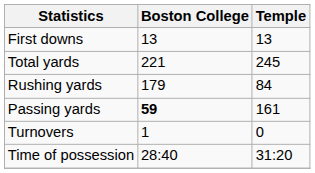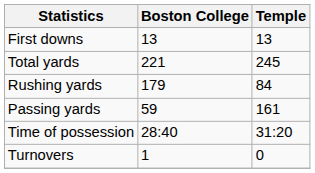 <table class="wikitable">
 <tr>
 <th>Statistics</th>
 <th>Boston College</th>
 <th>Temple</th>
 </tr>
 <tr>
 <td>First downs</td>
 <td>13</td>
 <td>13</td>
 </tr>
 <tr>
 <td>Total yards</td>
 <td>221</td>
 <td>245</td>
 </tr>
 <tr>
 <td>Rushing yards</td>
 <td>179</td>
 <td>84</td>
 </tr>
 <tr>
 <td>Passing yards</td>
-<td><strong>59</strong></td>
+<td>59</td>
 <td>161</td>
+</tr>
+<tr>
+<td>Time of possession</td>
+<td>28:40</td>
+<td>31:20</td>
 </tr>
 <tr>
 <td>Turnovers</td>
 <td>1</td>
 <td>0</td>
 </tr>
 <tr>
-<td>Time of possession</td>
-<td>28:40</td>
-<td>31:20</td>
-</tr>
-<tr>
 </tr>
 </table>
